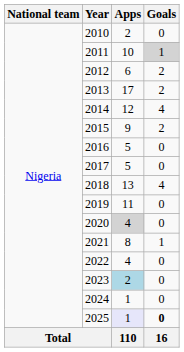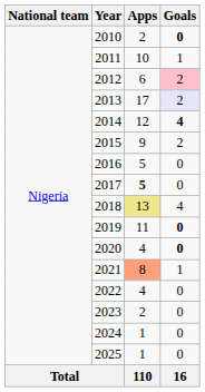 <table class="wikitable" style="text-align:center">
 <tr>
 <th>National team</th>
 <th>Year</th>
 <th>Apps</th>
 <th>Goals</th>
 </tr>
 <tr>
 <td rowspan="16"><a href='#'>Nigeria</a></td>
 <td>2010</td>
 <td>2</td>
-<td>0</td>
+<td><strong>0</strong></td>
 </tr>
 <tr>
 <td>2011</td>
 <td>10</td>
-<td style="background: lightgrey;">1</td>
+<td>1</td>
 </tr>
 <tr>
 <td>2012</td>
 <td>6</td>
-<td>2</td>
+<td style="background: pink;">2</td>
 </tr>
 <tr>
 <td>2013</td>
 <td>17</td>
-<td>2</td>
+<td style="background: lavender;">2</td>
 </tr>
 <tr>
 <td>2014</td>
 <td>12</td>
-<td>4</td>
+<td><strong>4</strong></td>
 </tr>
 <tr>
 <td>2015</td>
 <td>9</td>
 <td>2</td>
 </tr>
 <tr>
 <td>2016</td>
 <td>5</td>
 <td>0</td>
 </tr>
 <tr>
 <td>2017</td>
-<td>5</td>
+<td><strong>5</strong></td>
 <td>0</td>
 </tr>
 <tr>
 <td>2018</td>
-<td>13</td>
+<td style="background: khaki;">13</td>
 <td>4</td>
 </tr>
 <tr>
 <td>2019</td>
 <td>11</td>
-<td>0</td>
+<td><strong>0</strong></td>
 </tr>
 <tr>
 <td>2020</td>
-<td style="background: lightgrey;">4</td>
-<td>0</td>
+<td>4</td>
+<td><strong>0</strong></td>
 </tr>
 <tr>
 <td>2021</td>
-<td>8</td>
+<td style="background: lightsalmon;">8</td>
 <td>1</td>
 </tr>
 <tr>
 <td>2022</td>
 <td>4</td>
 <td>0</td>
 </tr>
 <tr>
 <td>2023</td>
-<td style="background: lightblue;">2</td>
+<td>2</td>
 <td>0</td>
 </tr>
 <tr>
 <td>2024</td>
 <td>1</td>
 <td>0</td>
 </tr>
 <tr>
 <td>2025</td>
-<td style="background: lavender;">1</td>
-<td><strong>0</strong></td>
+<td>1</td>
+<td>0</td>
 </tr>
 <tr>
 <th colspan="2">Total</th>
 <th>110</th>
 <th>16</th>
 </tr>
 </table>
